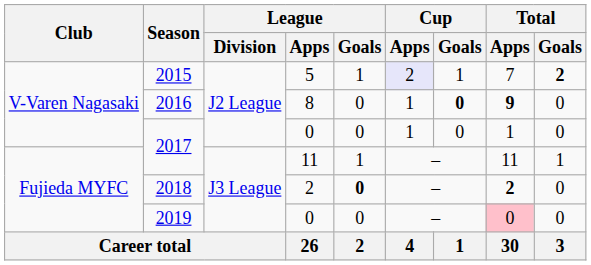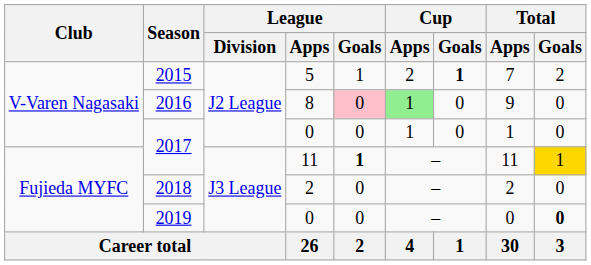 <table class="wikitable" style="text-align: center;">
 <tr>
 <th rowspan="2">Club</th>
 <th rowspan="2">Season</th>
 <th colspan="3">League</th>
 <th colspan="2">Cup</th>
 <th colspan="2">Total</th>
 </tr>
 <tr>
 <th>Division</th>
 <th>Apps</th>
 <th>Goals</th>
 <th>Apps</th>
 <th>Goals</th>
 <th>Apps</th>
 <th>Goals</th>
 </tr>
 <tr>
 <td rowspan="3"><a href='#'>V-Varen Nagasaki</a></td>
 <td><a href='#'>2015</a></td>
 <td rowspan="3"><a href='#'>J2 League</a></td>
 <td>5</td>
 <td>1</td>
-<td style="background: lavender;">2</td>
-<td>1</td>
+<td>2</td>
+<td><strong>1</strong></td>
 <td>7</td>
-<td><strong>2</strong></td>
+<td>2</td>
 </tr>
 <tr>
 <td><a href='#'>2016</a></td>
 <td>8</td>
+<td style="background: pink;">0</td>
+<td style="background: lightgreen;">1</td>
 <td>0</td>
-<td>1</td>
-<td><strong>0</strong></td>
-<td><strong>9</strong></td>
+<td>9</td>
 <td>0</td>
 </tr>
 <tr>
 <td rowspan="2"><a href='#'>2017</a></td>
 <td>0</td>
 <td>0</td>
 <td>1</td>
 <td>0</td>
 <td>1</td>
 <td>0</td>
 </tr>
 <tr>
 <td rowspan="3"><a href='#'>Fujieda MYFC</a></td>
 <td rowspan="3"><a href='#'>J3 League</a></td>
 <td>11</td>
-<td>1</td>
+<td><strong>1</strong></td>
 <td colspan="2">–</td>
 <td>11</td>
-<td>1</td>
+<td style="background: gold;">1</td>
 </tr>
 <tr>
 <td><a href='#'>2018</a></td>
 <td>2</td>
-<td><strong>0</strong></td>
+<td>0</td>
 <td colspan="2">–</td>
-<td><strong>2</strong></td>
+<td>2</td>
 <td>0</td>
 </tr>
 <tr>
 <td><a href='#'>2019</a></td>
 <td>0</td>
 <td>0</td>
 <td colspan="2">–</td>
-<td style="background: pink;">0</td>
 <td>0</td>
+<td><strong>0</strong></td>
 </tr>
 <tr>
 <th colspan="3">Career total</th>
 <th>26</th>
 <th>2</th>
 <th>4</th>
 <th>1</th>
 <th>30</th>
 <th>3</th>
 </tr>
 </table>
